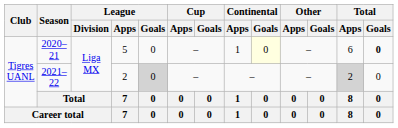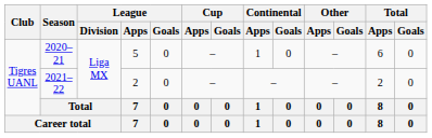 <table class="wikitable" style="text-align: center">
 <tr>
 <th rowspan="2">Club</th>
 <th rowspan="2">Season</th>
 <th colspan="3">League</th>
 <th colspan="2">Cup</th>
 <th colspan="2">Continental</th>
 <th colspan="2">Other</th>
 <th colspan="2">Total</th>
 </tr>
 <tr>
 <th>Division</th>
 <th>Apps</th>
 <th>Goals</th>
 <th>Apps</th>
 <th>Goals</th>
 <th>Apps</th>
 <th>Goals</th>
 <th>Apps</th>
 <th>Goals</th>
 <th>Apps</th>
 <th>Goals</th>
 </tr>
 <tr>
 <td rowspan="3"><a href='#'>Tigres UANL</a></td>
 <td><a href='#'>2020–21</a></td>
 <td rowspan="2"><a href='#'>Liga MX</a></td>
 <td>5</td>
 <td>0</td>
 <td colspan="2">–</td>
 <td>1</td>
-<td style="background: lightyellow;">0</td>
+<td>0</td>
 <td colspan="2">–</td>
 <td>6</td>
-<td><strong>0</strong></td>
+<td>0</td>
 </tr>
 <tr>
 <td><a href='#'>2021–22</a></td>
 <td>2</td>
-<td style="background: lightgrey;">0</td>
+<td>0</td>
 <td colspan="2">–</td>
 <td colspan="2">–</td>
 <td colspan="2">–</td>
-<td style="background: lightgrey;">2</td>
+<td>2</td>
 <td>0</td>
 </tr>
 <tr>
 <th colspan="2">Total</th>
 <th>7</th>
 <th>0</th>
 <th>0</th>
 <th>0</th>
 <th>1</th>
 <th>0</th>
 <th>0</th>
 <th>0</th>
 <th>8</th>
 <th>0</th>
 </tr>
 <tr>
 <th colspan=3>Career total</th>
 <th>7</th>
 <th>0</th>
 <th>0</th>
 <th>0</th>
 <th>1</th>
 <th>0</th>
 <th>0</th>
 <th>0</th>
 <th>8</th>
 <th>0</th>
 </tr>
 </table>
